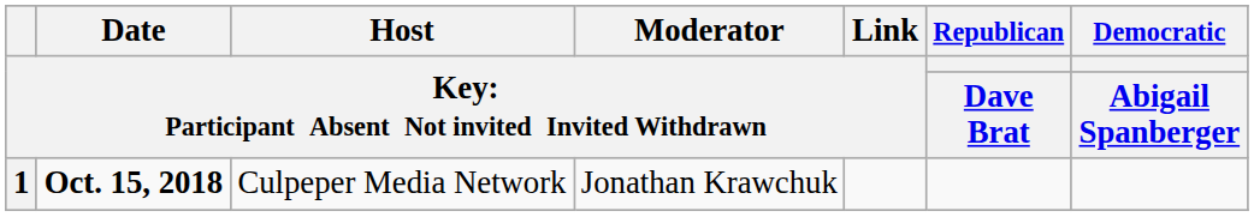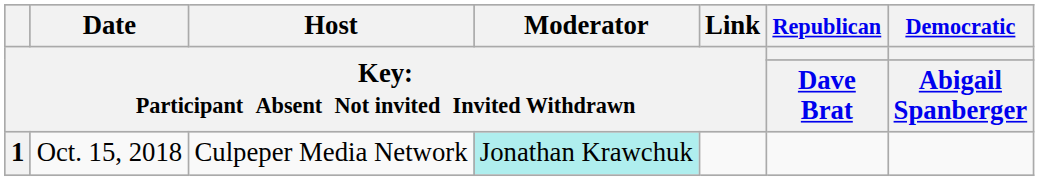 <table class="wikitable" style="text-align:center;">
 <tr>
 <th scope="col"></th>
 <th scope="col">Date</th>
 <th scope="col">Host</th>
 <th scope="col">Moderator</th>
 <th scope="col">Link</th>
 <th scope="col"><small><a href='#'>Republican</a></small></th>
 <th scope="col"><small><a href='#'>Democratic</a></small></th>
 </tr>
 <tr>
 <th colspan="5" rowspan="2">Key:<br> <small>Participant </small>  <small>Absent </small>  <small>Not invited </small>  <small>Invited  Withdrawn</small></th>
 <th scope="col" style="background:"></th>
 <th scope="col" style="background:"></th>
 </tr>
 <tr>
 <th scope="col"><a href='#'>Dave Brat</a></th>
 <th scope="col"><a href='#'>Abigail Spanberger</a></th>
 </tr>
 <tr>
 <th>1</th>
-<td style="white-space:nowrap;"><strong>Oct. 15, 2018</strong></td>
+<td style="white-space:nowrap;">Oct. 15, 2018</td>
 <td style="white-space:nowrap;">Culpeper Media Network</td>
-<td style="white-space:nowrap;">Jonathan Krawchuk</td>
+<td style="background: paleturquoise; white-space:nowrap;">Jonathan Krawchuk</td>
 <td style="white-space:nowrap;"></td>
 <td></td>
 <td></td>
 </tr>
 </table>
